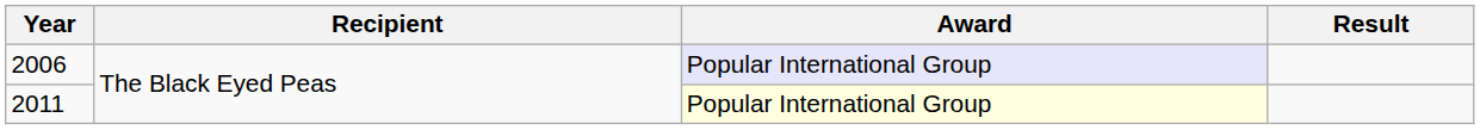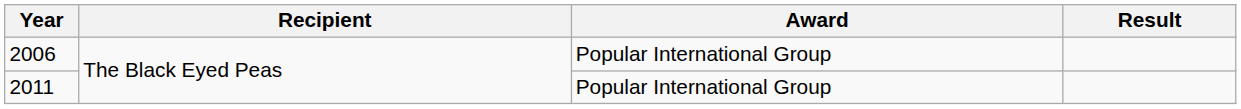 <table style="width: 75%;" class="wikitable">
 <tr>
 <th style="width:6%;"><strong>Year</strong></th>
 <th style="width:40%;"><strong>Recipient</strong></th>
 <th style="width:40%;"><strong>Award</strong></th>
 <th style="width:14%;"><strong>Result</strong></th>
 </tr>
 <tr>
 <td>2006</td>
 <td rowspan=2>The Black Eyed Peas</td>
-<td style="background: lavender;">Popular International Group</td>
+<td>Popular International Group</td>
 <td></td>
 </tr>
 <tr>
 <td>2011</td>
-<td style="background: lightyellow;">Popular International Group</td>
+<td>Popular International Group</td>
 <td></td>
 </tr>
 </table>
